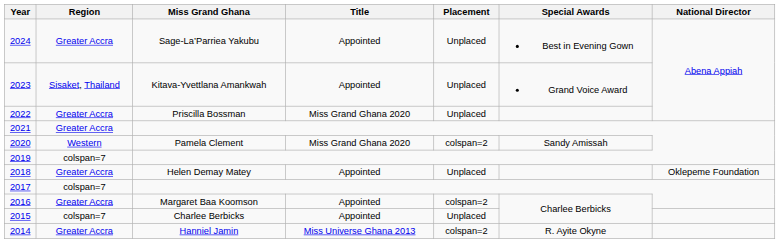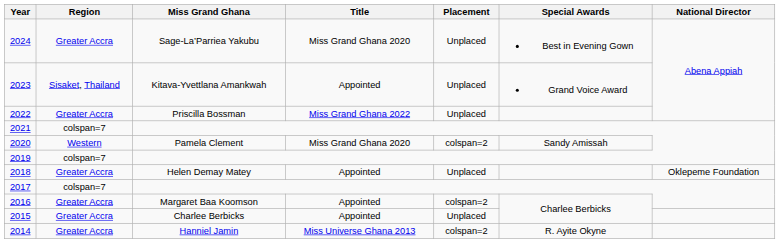 <table class="wikitable" style="font-size: 95%; text-align:center; width:100%">
 <tr>
 <th>Year</th>
 <th>Region</th>
 <th>Miss Grand Ghana</th>
 <th>Title</th>
 <th>Placement</th>
 <th>Special Awards</th>
 <th>National Director</th>
 </tr>
 <tr>
 <td><a href='#'>2024</a></td>
 <td><a href='#'>Greater Accra</a></td>
 <td>Sage-La’Parriea Yakubu</td>
-<td>Appointed</td>
+<td>Miss Grand Ghana 2020</td>
 <td>Unplaced</td>
 <td><br><ul><li>Best in Evening Gown</li></ul></td>
 <td rowspan=3><a href='#'>Abena Appiah</a></td>
 </tr>
 <tr>
 <td><a href='#'>2023</a></td>
 <td><a href='#'>Sisaket</a>, <a href='#'>Thailand</a></td>
 <td>Kitava-Yvettlana Amankwah</td>
 <td>Appointed</td>
 <td>Unplaced</td>
 <td><br><ul><li>Grand Voice Award</li></ul></td>
 </tr>
 <tr>
 <td><a href='#'>2022</a></td>
 <td><a href='#'>Greater Accra</a></td>
 <td>Priscilla Bossman</td>
-<td>Miss Grand Ghana 2020</td>
+<td><a href='#'>Miss Grand Ghana 2022</a></td>
 <td>Unplaced</td>
 <td></td>
 </tr>
 <tr>
 <td><a href='#'>2021</a></td>
-<td><a href='#'>Greater Accra</a></td>
+<td>colspan=7 </td>
 </tr>
 <tr>
 <td><a href='#'>2020</a></td>
 <td><a href='#'>Western</a></td>
 <td>Pamela Clement</td>
 <td>Miss Grand Ghana 2020</td>
 <td>colspan=2 </td>
 <td>Sandy Amissah</td>
 </tr>
 <tr>
 <td><a href='#'>2019</a></td>
 <td>colspan=7 </td>
 </tr>
 <tr>
 <td><a href='#'>2018</a></td>
 <td><a href='#'>Greater Accra</a></td>
 <td>Helen Demay Matey</td>
 <td>Appointed</td>
 <td>Unplaced</td>
 <td></td>
 <td>Oklepeme Foundation</td>
 </tr>
 <tr>
 <td><a href='#'>2017</a></td>
 <td>colspan=7 </td>
 </tr>
 <tr>
 <td><a href='#'>2016</a></td>
 <td><a href='#'>Greater Accra</a></td>
 <td>Margaret Baa Koomson</td>
 <td>Appointed</td>
 <td>colspan=2 </td>
 <td rowspan=2>Charlee Berbicks</td>
 </tr>
 <tr>
 <td><a href='#'>2015</a></td>
-<td>colspan=7 </td>
+<td><a href='#'>Greater Accra</a></td>
 <td>Charlee Berbicks</td>
 <td>Appointed</td>
 <td>Unplaced</td>
 <td></td>
 </tr>
 <tr>
 <td><a href='#'>2014</a></td>
 <td><a href='#'>Greater Accra</a></td>
 <td><a href='#'>Hanniel Jamin</a></td>
 <td><a href='#'>Miss Universe Ghana 2013</a></td>
 <td>colspan=2 </td>
 <td>R. Ayite Okyne</td>
 </tr>
 </table>
